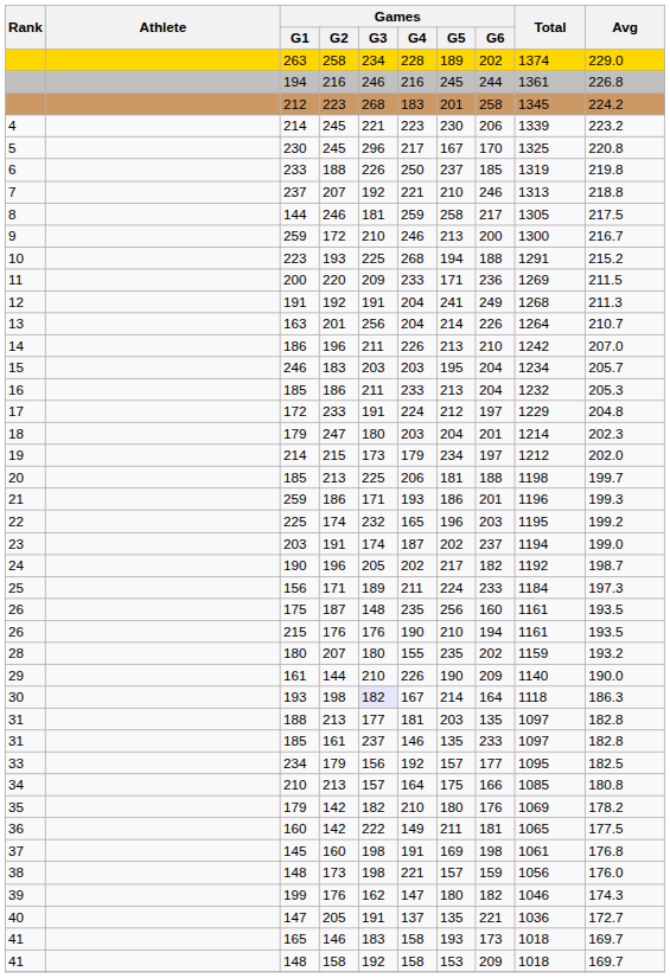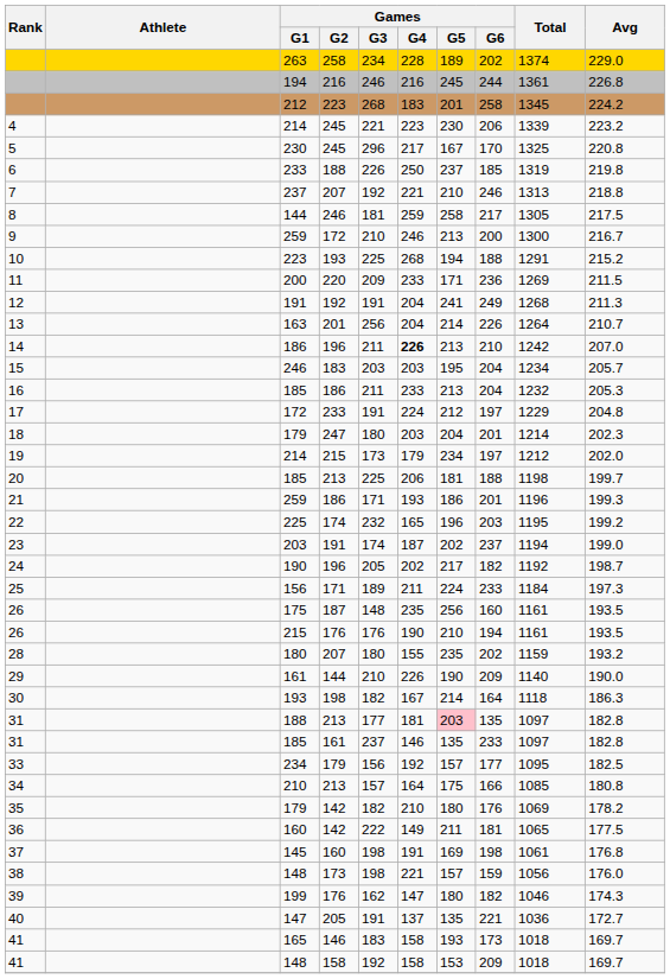 <table class="wikitable" style="font-size:95%" style="width:35em;" style="text-align:center">
 <tr>
 <th rowspan=2>Rank</th>
 <th rowspan=2 width=250>Athlete</th>
 <th colspan=6 width=250>Games</th>
 <th rowspan=2 width=70>Total</th>
 <th rowspan=2 width=80>Avg</th>
 </tr>
 <tr>
 <th>G1</th>
 <th>G2</th>
 <th>G3</th>
 <th>G4</th>
 <th>G5</th>
 <th>G6</th>
 </tr>
 <tr bgcolor=gold>
 <td></td>
 <td align=left></td>
 <td>263</td>
 <td>258</td>
 <td>234</td>
 <td>228</td>
 <td>189</td>
 <td>202</td>
 <td>1374</td>
 <td>229.0</td>
 </tr>
 <tr bgcolor=silver>
 <td></td>
 <td align=left></td>
 <td>194</td>
 <td>216</td>
 <td>246</td>
 <td>216</td>
 <td>245</td>
 <td>244</td>
 <td>1361</td>
 <td>226.8</td>
 </tr>
 <tr bgcolor=cc9966>
 <td></td>
 <td align=left></td>
 <td>212</td>
 <td>223</td>
 <td>268</td>
 <td>183</td>
 <td>201</td>
 <td>258</td>
 <td>1345</td>
 <td>224.2</td>
 </tr>
 <tr>
 <td>4</td>
 <td align=left></td>
 <td>214</td>
 <td>245</td>
 <td>221</td>
 <td>223</td>
 <td>230</td>
 <td>206</td>
 <td>1339</td>
 <td>223.2</td>
 </tr>
 <tr>
 <td>5</td>
 <td align=left></td>
 <td>230</td>
 <td>245</td>
 <td>296</td>
 <td>217</td>
 <td>167</td>
 <td>170</td>
 <td>1325</td>
 <td>220.8</td>
 </tr>
 <tr>
 <td>6</td>
 <td align=left></td>
 <td>233</td>
 <td>188</td>
 <td>226</td>
 <td>250</td>
 <td>237</td>
 <td>185</td>
 <td>1319</td>
 <td>219.8</td>
 </tr>
 <tr>
 <td>7</td>
 <td align=left></td>
 <td>237</td>
 <td>207</td>
 <td>192</td>
 <td>221</td>
 <td>210</td>
 <td>246</td>
 <td>1313</td>
 <td>218.8</td>
 </tr>
 <tr>
 <td>8</td>
 <td align=left></td>
 <td>144</td>
 <td>246</td>
 <td>181</td>
 <td>259</td>
 <td>258</td>
 <td>217</td>
 <td>1305</td>
 <td>217.5</td>
 </tr>
 <tr>
 <td>9</td>
 <td align=left></td>
 <td>259</td>
 <td>172</td>
 <td>210</td>
 <td>246</td>
 <td>213</td>
 <td>200</td>
 <td>1300</td>
 <td>216.7</td>
 </tr>
 <tr>
 <td>10</td>
 <td align=left></td>
 <td>223</td>
 <td>193</td>
 <td>225</td>
 <td>268</td>
 <td>194</td>
 <td>188</td>
 <td>1291</td>
 <td>215.2</td>
 </tr>
 <tr>
 <td>11</td>
 <td align=left></td>
 <td>200</td>
 <td>220</td>
 <td>209</td>
 <td>233</td>
 <td>171</td>
 <td>236</td>
 <td>1269</td>
 <td>211.5</td>
 </tr>
 <tr>
 <td>12</td>
 <td align=left></td>
 <td>191</td>
 <td>192</td>
 <td>191</td>
 <td>204</td>
 <td>241</td>
 <td>249</td>
 <td>1268</td>
 <td>211.3</td>
 </tr>
 <tr>
 <td>13</td>
 <td align=left></td>
 <td>163</td>
 <td>201</td>
 <td>256</td>
 <td>204</td>
 <td>214</td>
 <td>226</td>
 <td>1264</td>
 <td>210.7</td>
 </tr>
 <tr>
 <td>14</td>
 <td align=left></td>
 <td>186</td>
 <td>196</td>
 <td>211</td>
-<td>226</td>
+<td><strong>226</strong></td>
 <td>213</td>
 <td>210</td>
 <td>1242</td>
 <td>207.0</td>
 </tr>
 <tr>
 <td>15</td>
 <td align=left></td>
 <td>246</td>
 <td>183</td>
 <td>203</td>
 <td>203</td>
 <td>195</td>
 <td>204</td>
 <td>1234</td>
 <td>205.7</td>
 </tr>
 <tr>
 <td>16</td>
 <td align=left></td>
 <td>185</td>
 <td>186</td>
 <td>211</td>
 <td>233</td>
 <td>213</td>
 <td>204</td>
 <td>1232</td>
 <td>205.3</td>
 </tr>
 <tr>
 <td>17</td>
 <td align=left></td>
 <td>172</td>
 <td>233</td>
 <td>191</td>
 <td>224</td>
 <td>212</td>
 <td>197</td>
 <td>1229</td>
 <td>204.8</td>
 </tr>
 <tr>
 <td>18</td>
 <td align=left></td>
 <td>179</td>
 <td>247</td>
 <td>180</td>
 <td>203</td>
 <td>204</td>
 <td>201</td>
 <td>1214</td>
 <td>202.3</td>
 </tr>
 <tr>
 <td>19</td>
 <td align=left></td>
 <td>214</td>
 <td>215</td>
 <td>173</td>
 <td>179</td>
 <td>234</td>
 <td>197</td>
 <td>1212</td>
 <td>202.0</td>
 </tr>
 <tr>
 <td>20</td>
 <td align=left></td>
 <td>185</td>
 <td>213</td>
 <td>225</td>
 <td>206</td>
 <td>181</td>
 <td>188</td>
 <td>1198</td>
 <td>199.7</td>
 </tr>
 <tr>
 <td>21</td>
 <td align=left></td>
 <td>259</td>
 <td>186</td>
 <td>171</td>
 <td>193</td>
 <td>186</td>
 <td>201</td>
 <td>1196</td>
 <td>199.3</td>
 </tr>
 <tr>
 <td>22</td>
 <td align=left></td>
 <td>225</td>
 <td>174</td>
 <td>232</td>
 <td>165</td>
 <td>196</td>
 <td>203</td>
 <td>1195</td>
 <td>199.2</td>
 </tr>
 <tr>
 <td>23</td>
 <td align=left></td>
 <td>203</td>
 <td>191</td>
 <td>174</td>
 <td>187</td>
 <td>202</td>
 <td>237</td>
 <td>1194</td>
 <td>199.0</td>
 </tr>
 <tr>
 <td>24</td>
 <td align=left></td>
 <td>190</td>
 <td>196</td>
 <td>205</td>
 <td>202</td>
 <td>217</td>
 <td>182</td>
 <td>1192</td>
 <td>198.7</td>
 </tr>
 <tr>
 <td>25</td>
 <td align=left></td>
 <td>156</td>
 <td>171</td>
 <td>189</td>
 <td>211</td>
 <td>224</td>
 <td>233</td>
 <td>1184</td>
 <td>197.3</td>
 </tr>
 <tr>
 <td>26</td>
 <td align=left></td>
 <td>175</td>
 <td>187</td>
 <td>148</td>
 <td>235</td>
 <td>256</td>
 <td>160</td>
 <td>1161</td>
 <td>193.5</td>
 </tr>
 <tr>
 <td>26</td>
 <td align=left></td>
 <td>215</td>
 <td>176</td>
 <td>176</td>
 <td>190</td>
 <td>210</td>
 <td>194</td>
 <td>1161</td>
 <td>193.5</td>
 </tr>
 <tr>
 <td>28</td>
 <td align=left></td>
 <td>180</td>
 <td>207</td>
 <td>180</td>
 <td>155</td>
 <td>235</td>
 <td>202</td>
 <td>1159</td>
 <td>193.2</td>
 </tr>
 <tr>
 <td>29</td>
 <td align=left></td>
 <td>161</td>
 <td>144</td>
 <td>210</td>
 <td>226</td>
 <td>190</td>
 <td>209</td>
 <td>1140</td>
 <td>190.0</td>
 </tr>
 <tr>
 <td>30</td>
 <td align=left></td>
 <td>193</td>
 <td>198</td>
-<td style="background: lavender;">182</td>
+<td>182</td>
 <td>167</td>
 <td>214</td>
 <td>164</td>
 <td>1118</td>
 <td>186.3</td>
 </tr>
 <tr>
 <td>31</td>
 <td align=left></td>
 <td>188</td>
 <td>213</td>
 <td>177</td>
 <td>181</td>
-<td>203</td>
+<td style="background: pink;">203</td>
 <td>135</td>
 <td>1097</td>
 <td>182.8</td>
 </tr>
 <tr>
 <td>31</td>
 <td align=left></td>
 <td>185</td>
 <td>161</td>
 <td>237</td>
 <td>146</td>
 <td>135</td>
 <td>233</td>
 <td>1097</td>
 <td>182.8</td>
 </tr>
 <tr>
 <td>33</td>
 <td align=left></td>
 <td>234</td>
 <td>179</td>
 <td>156</td>
 <td>192</td>
 <td>157</td>
 <td>177</td>
 <td>1095</td>
 <td>182.5</td>
 </tr>
 <tr>
 <td>34</td>
 <td align=left></td>
 <td>210</td>
 <td>213</td>
 <td>157</td>
 <td>164</td>
 <td>175</td>
 <td>166</td>
 <td>1085</td>
 <td>180.8</td>
 </tr>
 <tr>
 <td>35</td>
 <td align=left></td>
 <td>179</td>
 <td>142</td>
 <td>182</td>
 <td>210</td>
 <td>180</td>
 <td>176</td>
 <td>1069</td>
 <td>178.2</td>
 </tr>
 <tr>
 <td>36</td>
 <td align=left></td>
 <td>160</td>
 <td>142</td>
 <td>222</td>
 <td>149</td>
 <td>211</td>
 <td>181</td>
 <td>1065</td>
 <td>177.5</td>
 </tr>
 <tr>
 <td>37</td>
 <td align=left></td>
 <td>145</td>
 <td>160</td>
 <td>198</td>
 <td>191</td>
 <td>169</td>
 <td>198</td>
 <td>1061</td>
 <td>176.8</td>
 </tr>
 <tr>
 <td>38</td>
 <td align=left></td>
 <td>148</td>
 <td>173</td>
 <td>198</td>
 <td>221</td>
 <td>157</td>
 <td>159</td>
 <td>1056</td>
 <td>176.0</td>
 </tr>
 <tr>
 <td>39</td>
 <td align=left></td>
 <td>199</td>
 <td>176</td>
 <td>162</td>
 <td>147</td>
 <td>180</td>
 <td>182</td>
 <td>1046</td>
 <td>174.3</td>
 </tr>
 <tr>
 <td>40</td>
 <td align=left></td>
 <td>147</td>
 <td>205</td>
 <td>191</td>
 <td>137</td>
 <td>135</td>
 <td>221</td>
 <td>1036</td>
 <td>172.7</td>
 </tr>
 <tr>
 <td>41</td>
 <td align=left></td>
 <td>165</td>
 <td>146</td>
 <td>183</td>
 <td>158</td>
 <td>193</td>
 <td>173</td>
 <td>1018</td>
 <td>169.7</td>
 </tr>
 <tr>
 <td>41</td>
 <td align=left></td>
 <td>148</td>
 <td>158</td>
 <td>192</td>
 <td>158</td>
 <td>153</td>
 <td>209</td>
 <td>1018</td>
 <td>169.7</td>
 </tr>
 <tr>
 </tr>
 </table>
